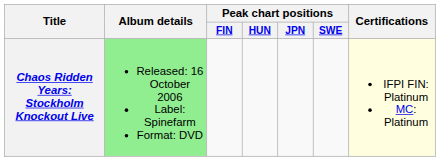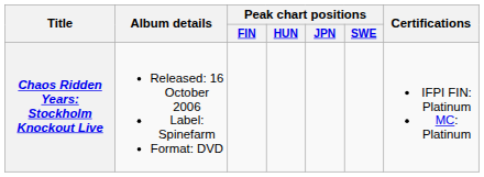 <table class="wikitable plainrowheaders" style="text-align:center;">
 <tr>
 <th scope="col" rowspan="2">Title</th>
 <th scope="col" rowspan="2">Album details</th>
 <th scope="col" colspan="4">Peak chart positions</th>
 <th scope="col" rowspan="2">Certifications</th>
 </tr>
 <tr>
 <th scope="col" style="width:3em;font-size:90%;"><a href='#'>FIN</a><br></th>
 <th scope="col" style="width:3em;font-size:90%;"><a href='#'>HUN</a><br></th>
 <th scope="col" style="width:3em;font-size:90%;"><a href='#'>JPN</a><br></th>
 <th scope="col" style="width:3em;font-size:90%;"><a href='#'>SWE</a><br></th>
 </tr>
 <tr>
 <th scope="row"><em><a href='#'>Chaos Ridden Years: Stockholm Knockout Live</a></em></th>
-<td style="background: lightgreen;"><br><ul><li>Released: 16 October 2006</li><li>Label: Spinefarm</li><li>Format: DVD</li></ul></td>
+<td><br><ul><li>Released: 16 October 2006</li><li>Label: Spinefarm</li><li>Format: DVD</li></ul></td>
 <td></td>
 <td></td>
 <td></td>
 <td></td>
-<td style="background: lightyellow;"><br><ul><li>IFPI FIN: Platinum</li><li><a href='#'>MC</a>: Platinum</li></ul></td>
+<td><br><ul><li>IFPI FIN: Platinum</li><li><a href='#'>MC</a>: Platinum</li></ul></td>
 </tr>
 </table>
